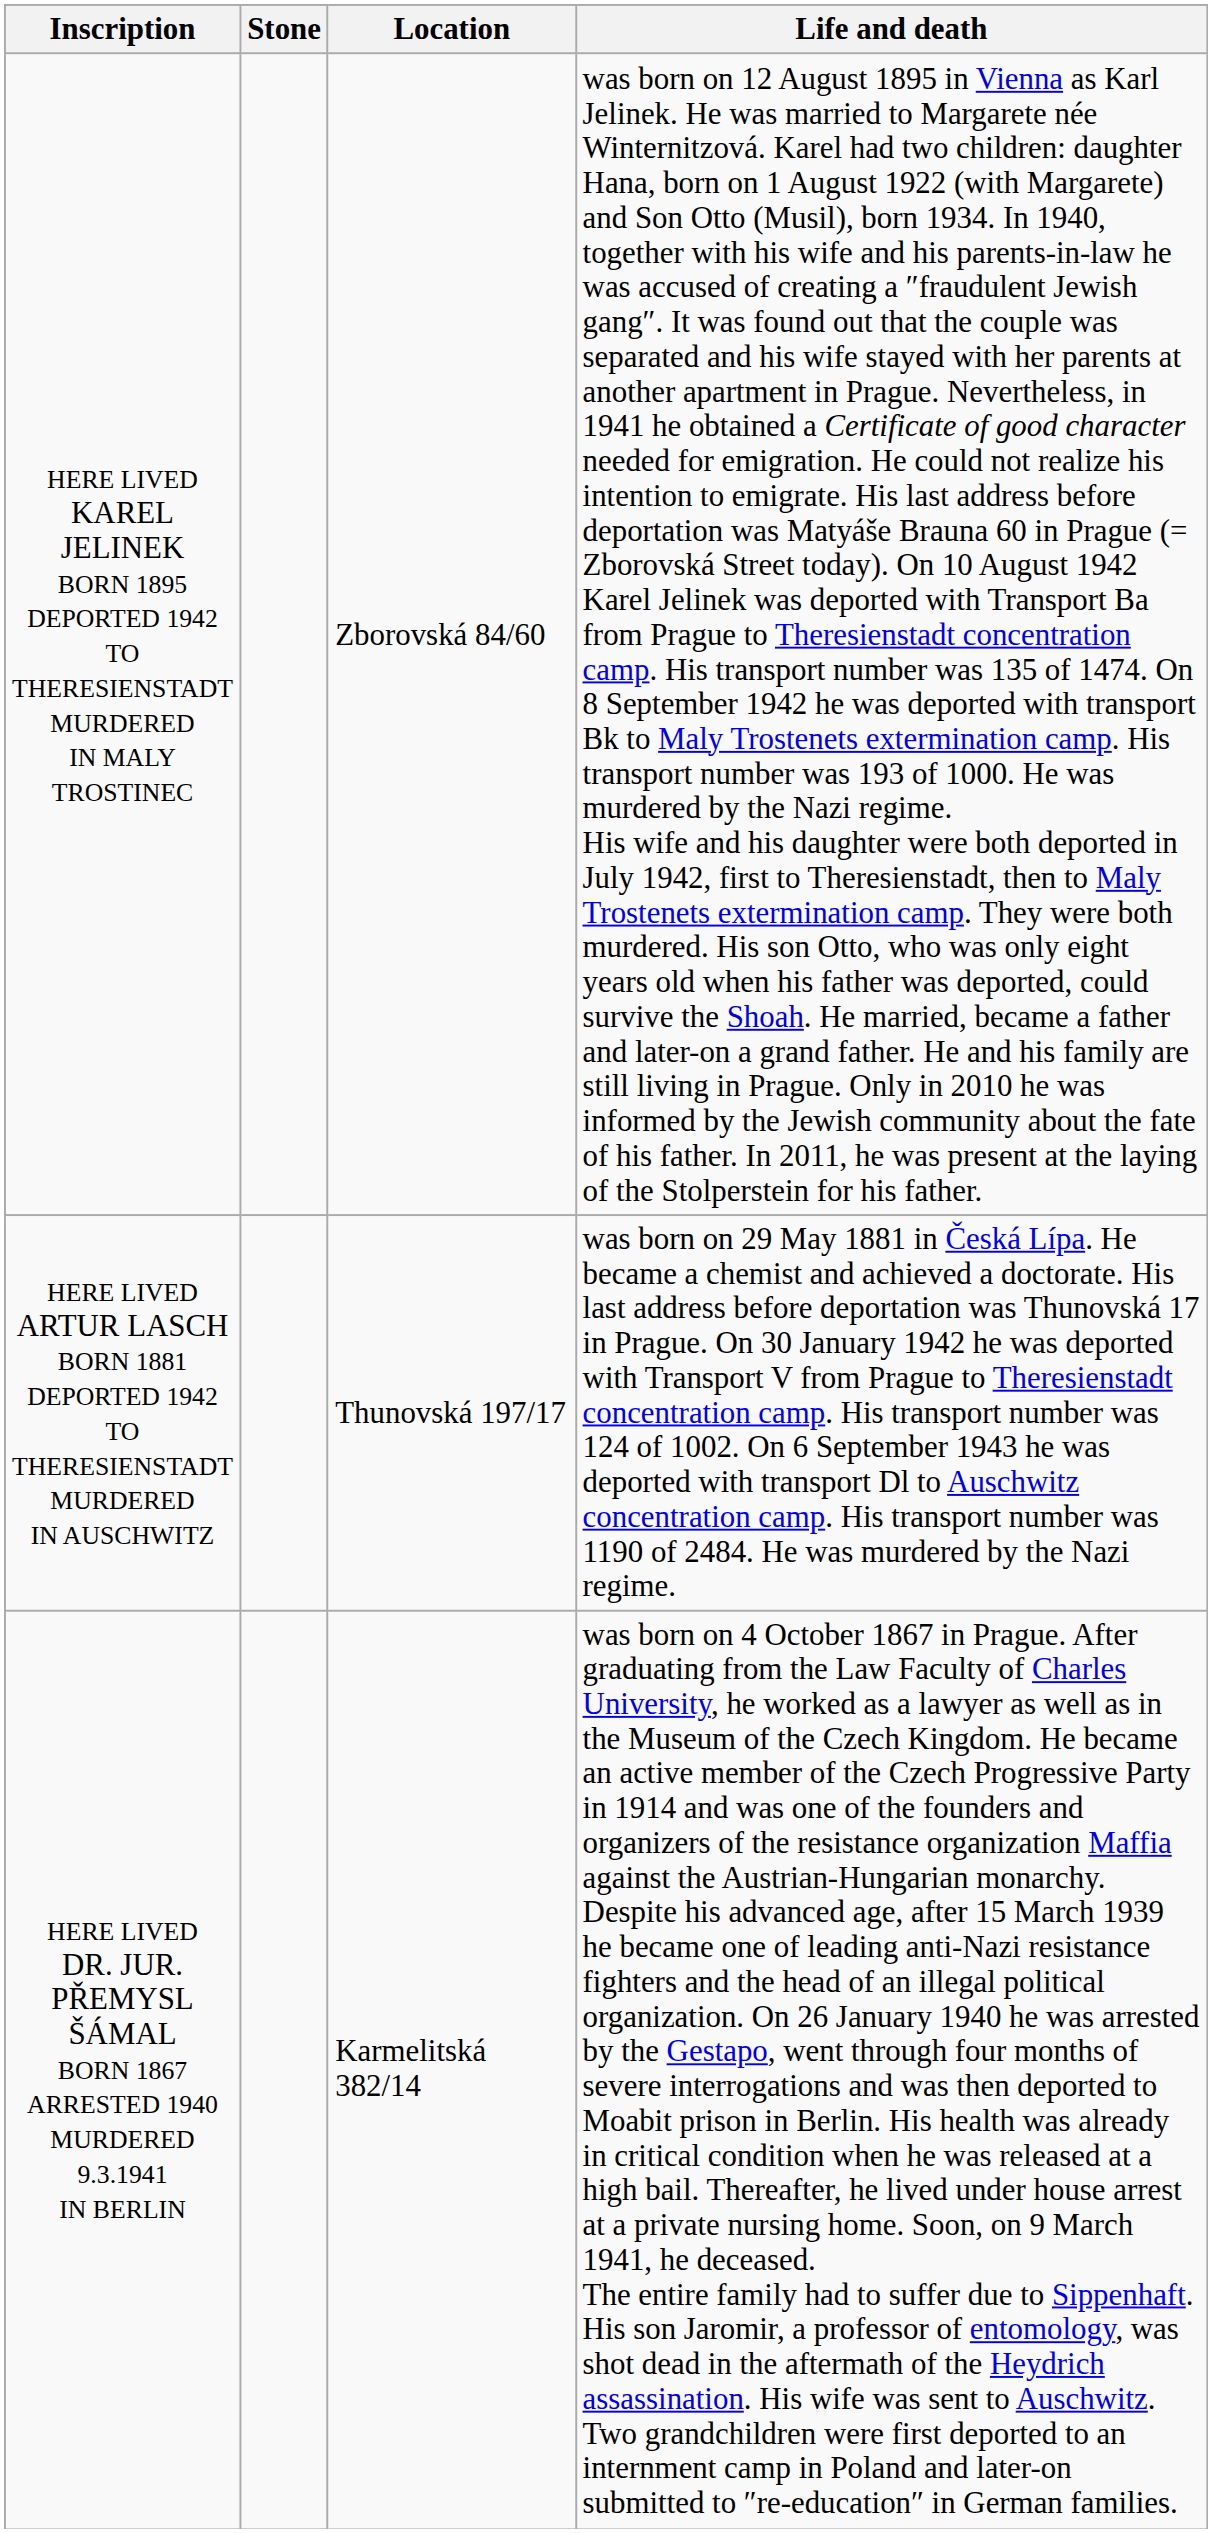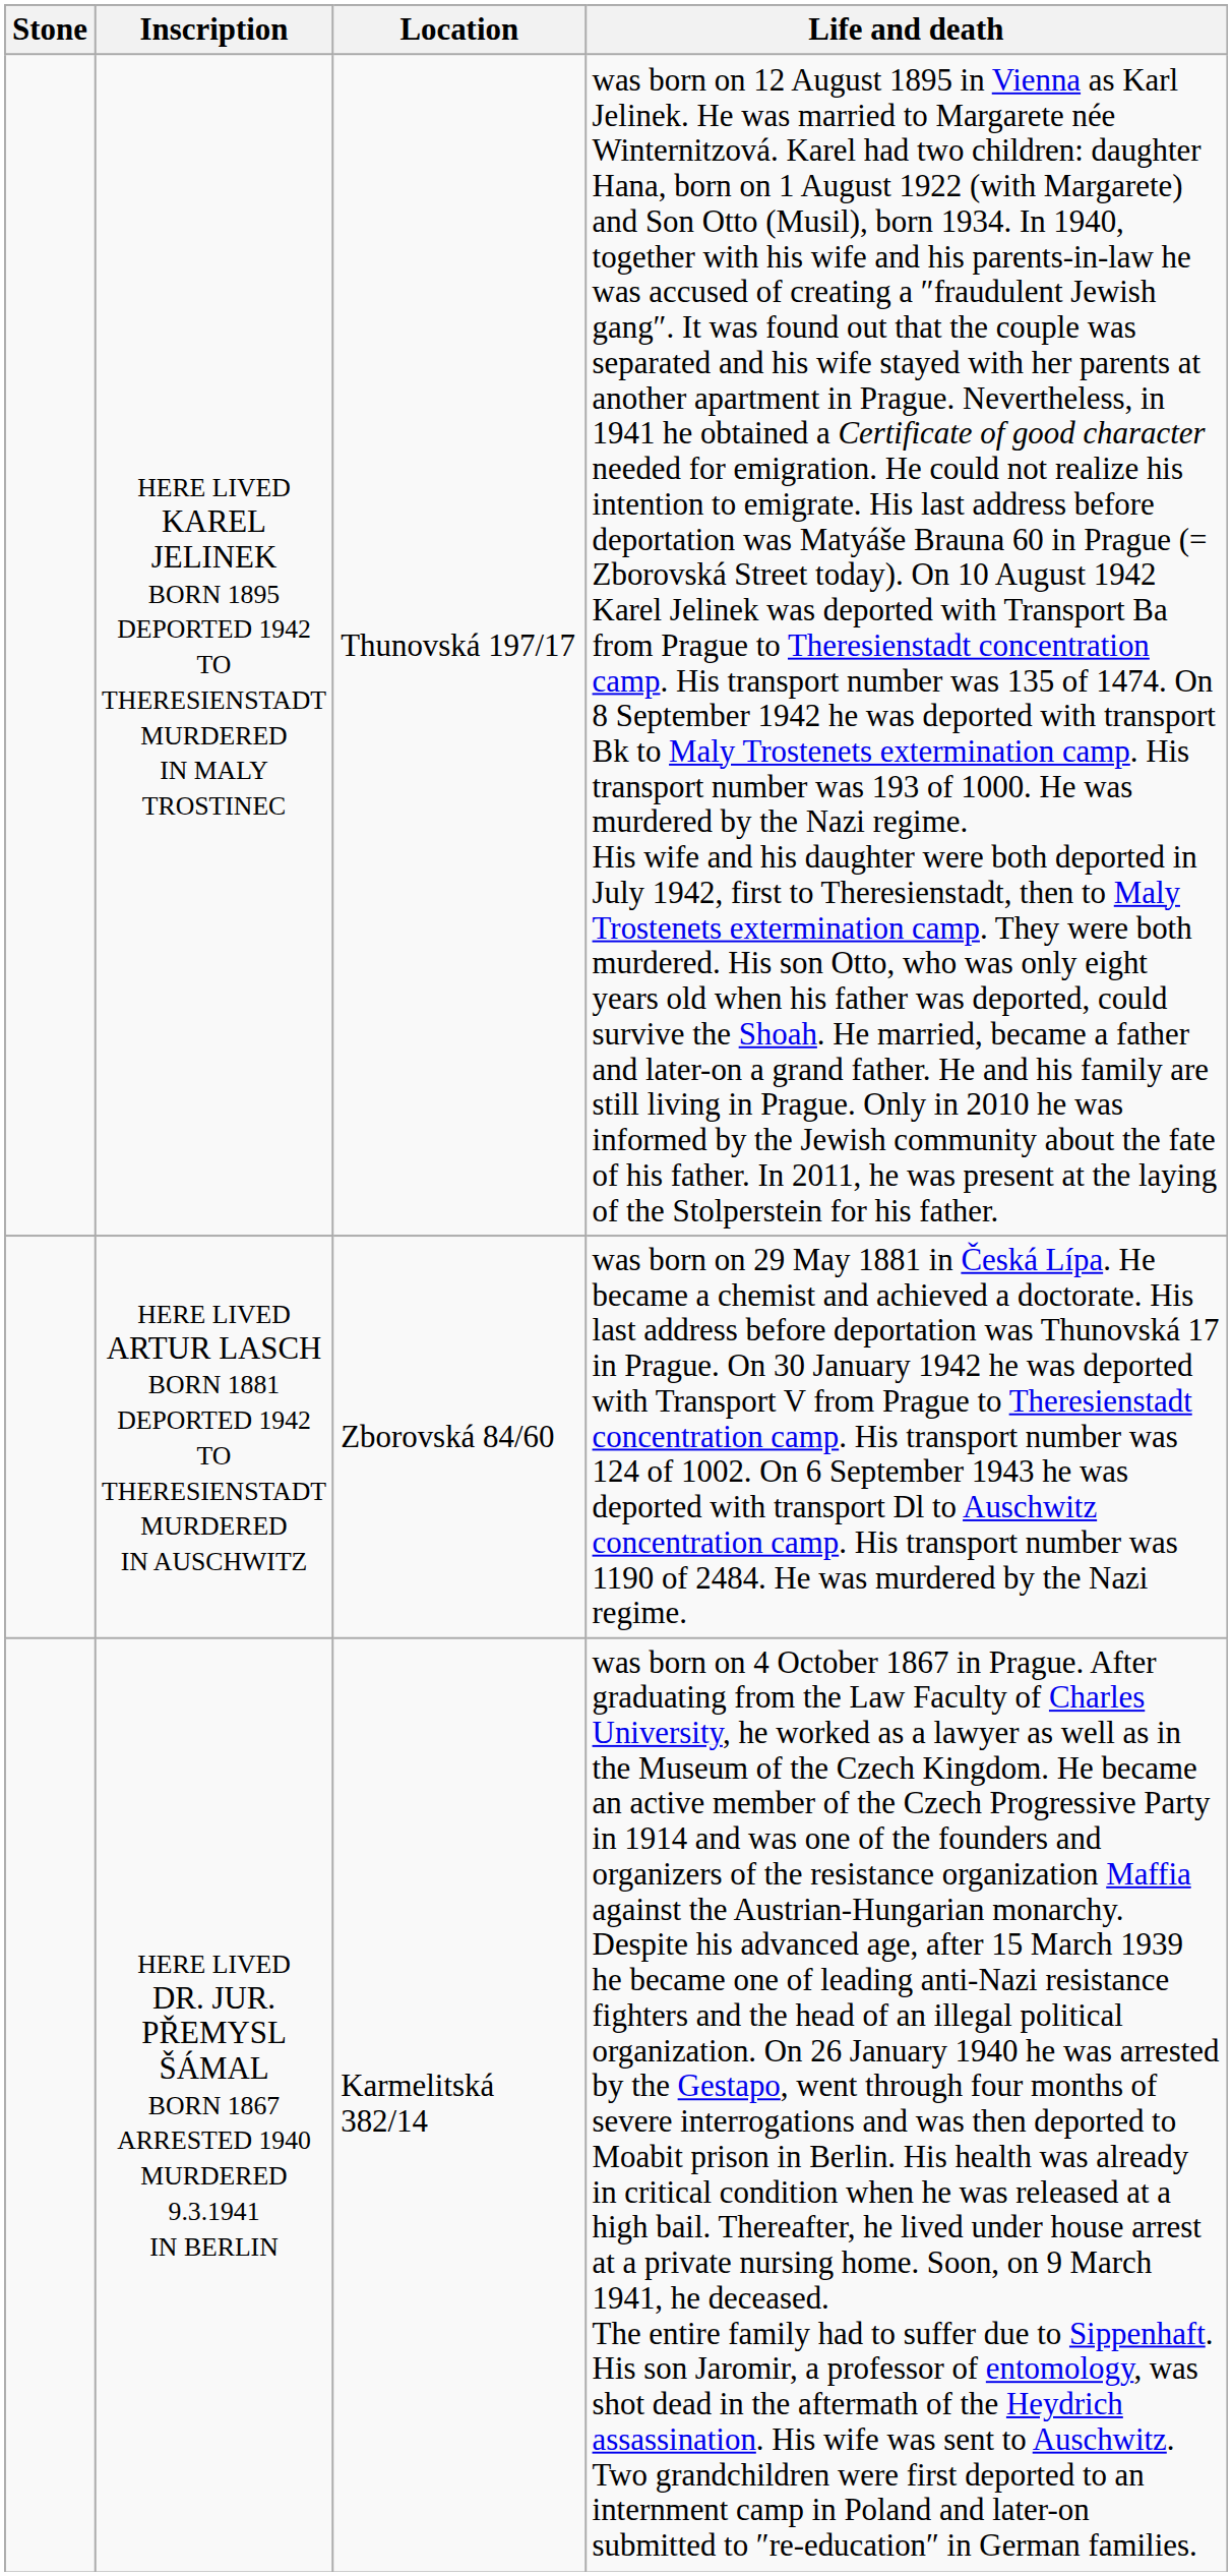 <table class="wikitable sortable toptextcells" style="width:100%">
 <tr>
+<th class="hintergrundfarbe6 unsortable" width="120px">Stone</th>
 <th class="hintergrundfarbe6 unsortable" style ="width:18%;">Inscription</th>
-<th class="hintergrundfarbe6 unsortable" width="120px">Stone</th>
 <th class="hintergrundfarbe6" data-sort-type="text" style ="width:22%;">Location</th>
 <th class="hintergrundfarbe6" style="width:100%;">Life and death</th>
 </tr>
 <tr>
+<td></td>
 <td style="text-align:center"><div><small>HERE LIVED</small><br>KAREL JELINEK<br><small>BORN 1895<br>DEPORTED 1942<br>TO THERESIENSTADT<br>MURDERED<br>IN MALY TROSTINEC</small></div></td>
-<td></td>
-<td>Zborovská 84/60<br></td>
+<td>Thunovská 197/17<br></td>
 <td><strong></strong> was born on 12 August 1895 in <a href='#'>Vienna</a> as Karl Jelinek. He was married to Margarete née Winternitzová. Karel had two children: daughter Hana, born on 1 August 1922 (with Margarete) and Son Otto (Musil), born 1934. In 1940, together with his wife and his parents-in-law he was accused of creating a ″fraudulent Jewish gang″. It was found out that the couple was separated and his wife stayed with her parents at another apartment in Prague. Nevertheless, in 1941 he obtained a <em>Certificate of good character</em> needed for emigration. He could not realize his intention to emigrate. His last address before deportation was Matyáše Brauna 60 in Prague (= Zborovská Street today). On 10 August 1942 Karel Jelinek was deported with Transport Ba from Prague to <a href='#'>Theresienstadt concentration camp</a>. His transport number was 135 of 1474. On 8 September 1942 he was deported with transport Bk to <a href='#'>Maly Trostenets extermination camp</a>. His transport number was 193 of 1000. He was murdered by the Nazi regime.<br>His wife and his daughter were both deported in July 1942, first to Theresienstadt, then to <a href='#'>Maly Trostenets extermination camp</a>. They were both murdered. His son Otto, who was only eight years old when his father was deported, could survive the <a href='#'>Shoah</a>. He married, became a father and later-on a grand father. He and his family are still living in Prague. Only in 2010 he was informed by the Jewish community about the fate of his father. In 2011, he was present at the laying of the Stolperstein for his father.</td>
 </tr>
 <tr>
+<td></td>
 <td style="text-align:center"><div><small>HERE LIVED</small><br>ARTUR LASCH<br><small>BORN 1881<br>DEPORTED 1942<br>TO THERESIENSTADT<br>MURDERED<br>IN AUSCHWITZ</small></div></td>
-<td></td>
-<td>Thunovská 197/17<br></td>
+<td>Zborovská 84/60<br></td>
 <td><strong></strong> was born on 29 May 1881 in <a href='#'>Česká Lípa</a>. He became a chemist and achieved a doctorate. His last address before deportation was Thunovská 17 in Prague. On 30 January 1942 he was deported with Transport V from Prague to <a href='#'>Theresienstadt concentration camp</a>. His transport number was 124 of 1002. On 6 September 1943 he was deported with transport Dl to <a href='#'>Auschwitz concentration camp</a>. His transport number was 1190 of 2484. He was murdered by the Nazi regime.</td>
 </tr>
 <tr>
+<td></td>
 <td style="text-align:center"><div><small>HERE LIVED</small><br>DR. JUR. PŘEMYSL<br>ŠÁMAL<br><small>BORN 1867<br>ARRESTED 1940<br>MURDERED 9.3.1941<br>IN BERLIN</small></div></td>
-<td></td>
 <td>Karmelitská 382/14<br></td>
 <td><strong></strong> was born on 4 October 1867 in Prague. After graduating from the Law Faculty of <a href='#'>Charles University</a>, he worked as a lawyer as well as in the Museum of the Czech Kingdom.  He became an active member of the Czech Progressive Party in 1914 and was one of the founders and organizers of the resistance organization <a href='#'>Maffia</a> against the Austrian-Hungarian monarchy.<br>Despite his advanced age, after 15 March 1939 he became one of leading anti-Nazi resistance fighters and the head of an illegal political organization. On 26 January 1940 he was arrested by the <a href='#'>Gestapo</a>, went through four months of severe interrogations and was then deported to Moabit prison in Berlin. His health was already in critical condition when he was released at a high bail. Thereafter, he lived under house arrest at a private nursing home. Soon, on 9 March 1941, he deceased.<br>The entire family had to suffer due to <a href='#'>Sippenhaft</a>. His son Jaromir, a professor of <a href='#'>entomology</a>, was shot dead in the aftermath of the <a href='#'>Heydrich assassination</a>. His wife was sent to <a href='#'>Auschwitz</a>. Two grandchildren were first deported to an internment camp in Poland and later-on submitted to ″re-education″ in German families.</td>
 </tr>
 </table>
